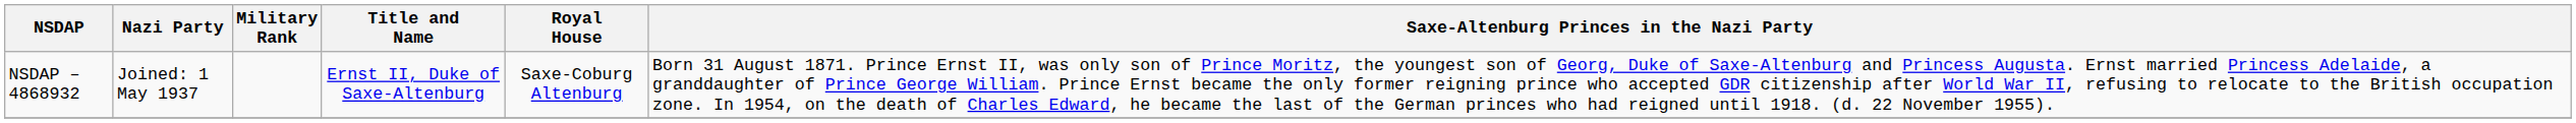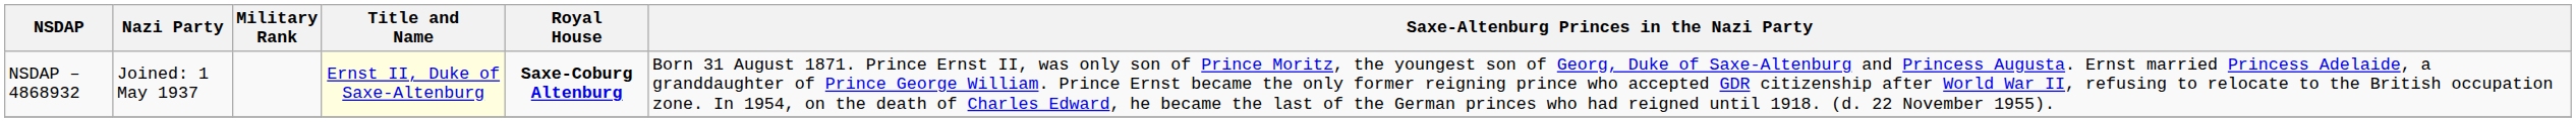 <table class="wikitable">
 <tr>
 <th>NSDAP</th>
 <th>Nazi Party</th>
 <th>Military<br>Rank</th>
 <th>Title and<br>Name</th>
 <th>Royal<br>House</th>
 <th>Saxe-Altenburg Princes in the Nazi Party</th>
 </tr>
 <tr>
 <td>NSDAP – 4868932</td>
 <td>Joined: 1 May 1937</td>
 <td></td>
-<td align="center"><a href='#'>Ernst II, Duke of Saxe-Altenburg</a></td>
-<td align="center"> Saxe-Coburg <a href='#'>Altenburg</a></td>
+<td align="center" style="background: lightyellow;"><a href='#'>Ernst II, Duke of Saxe-Altenburg</a></td>
+<td align="center"><strong> Saxe-Coburg <a href='#'>Altenburg</a></strong></td>
 <td> Born 31 August 1871. Prince Ernst II, was only son of <a href='#'>Prince Moritz</a>, the youngest son of <a href='#'>Georg, Duke of Saxe-Altenburg</a> and <a href='#'>Princess Augusta</a>. Ernst married <a href='#'>Princess Adelaide</a>, a granddaughter of <a href='#'>Prince George William</a>. Prince Ernst became the only former reigning prince who accepted <a href='#'>GDR</a> citizenship after <a href='#'>World War II</a>, refusing to relocate to the British occupation zone. In 1954, on the death of <a href='#'>Charles Edward</a>, he became the last of the German princes who had reigned until 1918. (d. 22 November 1955).</td>
 </tr>
 <tr>
 </tr>
 </table>
